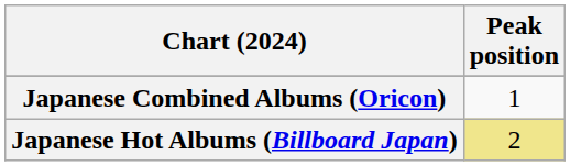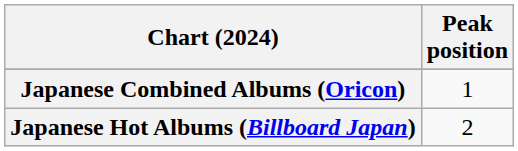 <table class="wikitable sortable plainrowheaders" style="text-align:center">
 <tr>
 <th scope="col">Chart (2024)</th>
 <th scope="col">Peak<br>position</th>
 </tr>
 <tr>
 </tr>
 <tr>
 <th scope="row">Japanese Combined Albums (<a href='#'>Oricon</a>)</th>
 <td>1</td>
 </tr>
 <tr>
 <th scope="row">Japanese Hot Albums (<em><a href='#'>Billboard Japan</a></em>)</th>
-<td style="background: khaki;">2</td>
+<td>2</td>
 </tr>
 </table>
